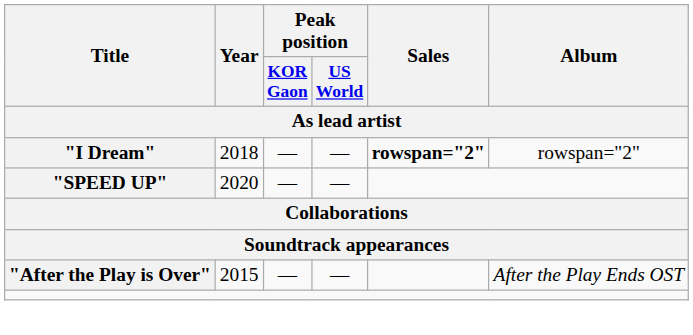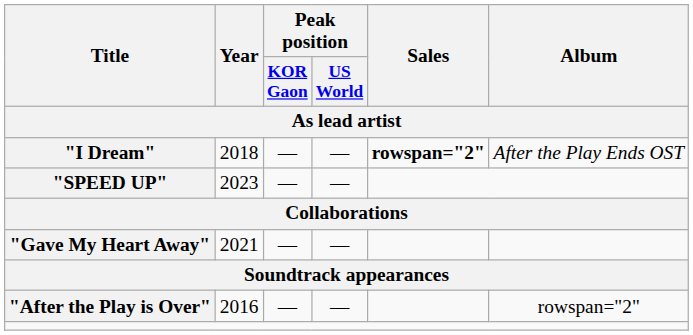 <table class="wikitable plainrowheaders" style="text-align:center">
 <tr>
 <th rowspan=2>Title</th>
 <th rowspan=2>Year</th>
 <th colspan=2>Peak<br>position</th>
 <th rowspan=2>Sales</th>
 <th rowspan=2>Album</th>
 </tr>
 <tr>
 <th style="font-size:90%;"><a href='#'>KOR<br>Gaon</a><br></th>
 <th style="font-size:90%;"><a href='#'>US<br>World</a><br></th>
 </tr>
 <tr>
 <th colspan="6">As lead artist</th>
 </tr>
 <tr>
 <th scope="row">"I Dream"</th>
 <td>2018</td>
 <td>—</td>
 <td>—</td>
 <td><strong>rowspan="2" </strong></td>
-<td>rowspan="2" </td>
+<td><em>After the Play Ends OST</em></td>
 </tr>
 <tr>
 <th scope="row">"SPEED UP"</th>
-<td>2020</td>
+<td>2023</td>
 <td>—</td>
 <td>—</td>
 </tr>
 <tr>
 <th colspan="6">Collaborations</th>
 </tr>
 <tr>
+<th scope="row">"Gave My Heart Away" </th>
+<td>2021</td>
+<td>—</td>
+<td>—</td>
+<td></td>
+<td></td>
+</tr>
+<tr>
 <th colspan="6">Soundtrack appearances</th>
 </tr>
 <tr>
 <th scope="row">"After the Play is Over" </th>
-<td>2015</td>
+<td>2016</td>
 <td>—</td>
 <td>—</td>
 <td></td>
-<td><em>After the Play Ends OST</em></td>
+<td>rowspan="2" </td>
 </tr>
 <tr>
 <td colspan="6"></td>
 </tr>
 </table>
